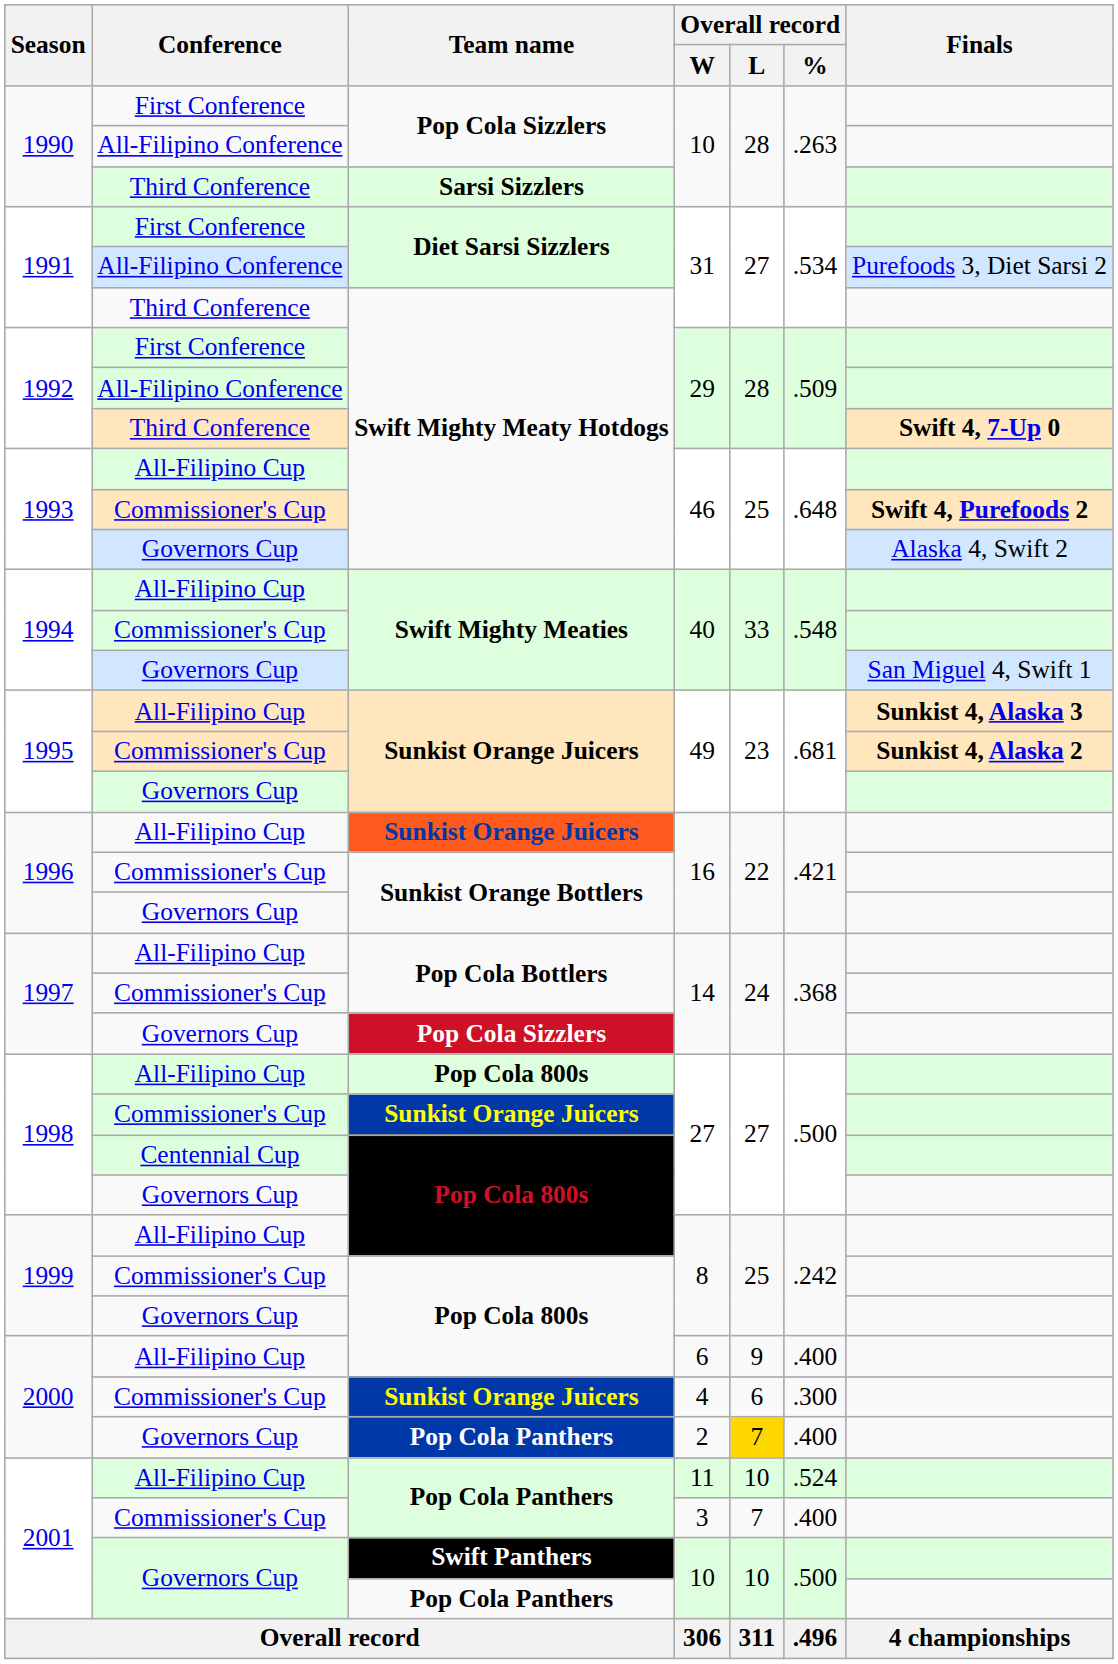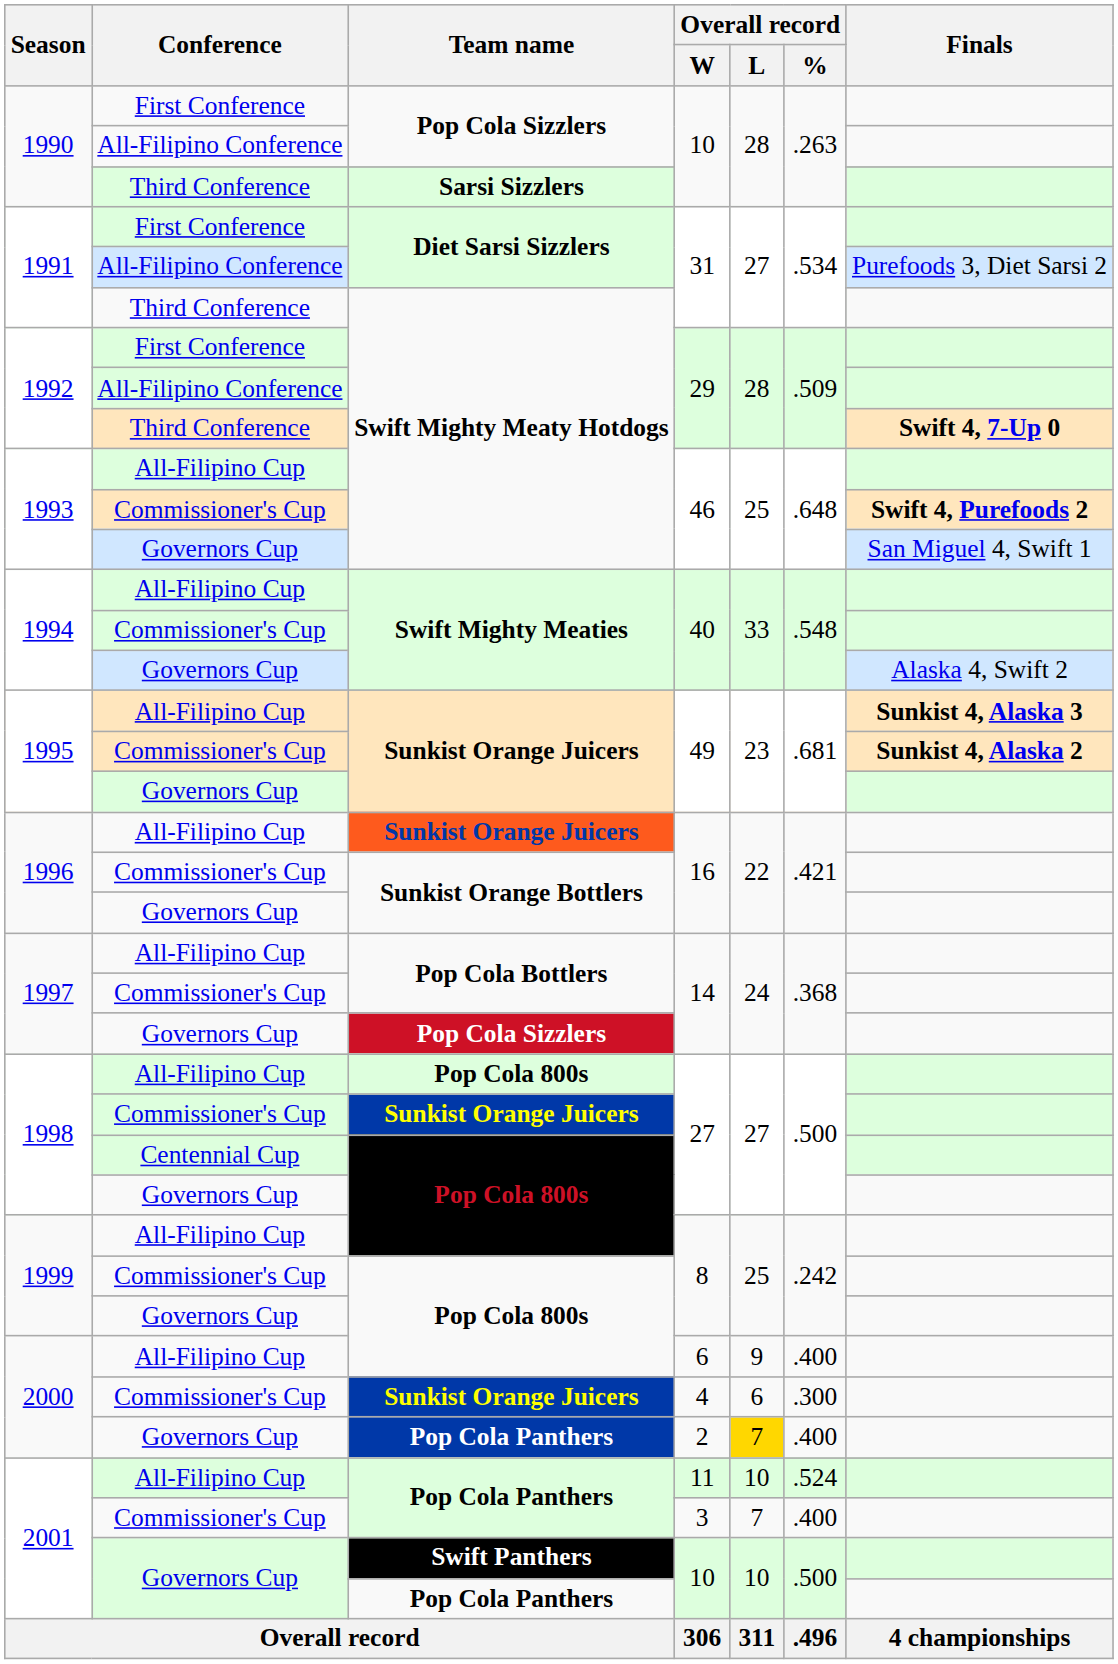 <table class=wikitable style="text-align:center;">
 <tr>
 <th rowspan=2>Season</th>
 <th rowspan=2>Conference</th>
 <th rowspan=2>Team name</th>
 <th colspan=3>Overall record</th>
 <th rowspan=2>Finals</th>
 </tr>
 <tr>
 <th>W</th>
 <th>L</th>
 <th>%</th>
 </tr>
 <tr>
 <td rowspan=3><a href='#'>1990</a></td>
 <td><a href='#'>First Conference</a></td>
 <td rowspan=2><strong>Pop Cola Sizzlers</strong></td>
 <td rowspan="3">10</td>
 <td rowspan=3>28</td>
 <td rowspan=3>.263</td>
 <td></td>
 </tr>
 <tr>
 <td><a href='#'>All-Filipino Conference</a></td>
 <td></td>
 </tr>
 <tr bgcolor=#DDFFDD>
 <td><a href='#'>Third Conference</a></td>
 <td><strong>Sarsi Sizzlers</strong></td>
 <td></td>
 </tr>
 <tr bgcolor=#DDFFDD>
 <td bgcolor=white rowspan=3><a href='#'>1991</a></td>
 <td><a href='#'>First Conference</a></td>
 <td rowspan=2><strong>Diet Sarsi Sizzlers</strong></td>
 <td rowspan="3" bgcolor="white">31</td>
 <td bgcolor=white rowspan=3>27</td>
 <td bgcolor=white rowspan=3>.534</td>
 <td></td>
 </tr>
 <tr bgcolor=#D0E7FF>
 <td><a href='#'>All-Filipino Conference</a></td>
 <td><a href='#'>Purefoods</a> 3, Diet Sarsi 2</td>
 </tr>
 <tr>
 <td><a href='#'>Third Conference</a></td>
 <td rowspan=7><strong>Swift Mighty Meaty Hotdogs</strong></td>
 </tr>
 <tr bgcolor=#DDFFDD>
 <td bgcolor=white rowspan=3><a href='#'>1992</a></td>
 <td><a href='#'>First Conference</a></td>
 <td rowspan=3>29</td>
 <td rowspan=3>28</td>
 <td rowspan=3>.509</td>
 <td></td>
 </tr>
 <tr bgcolor=#DDFFDD>
 <td><a href='#'>All-Filipino Conference</a></td>
 <td></td>
 </tr>
 <tr bgcolor=#FFE6BD>
 <td><a href='#'>Third Conference</a></td>
 <td><strong>Swift 4, <a href='#'>7-Up</a> 0</strong></td>
 </tr>
 <tr bgcolor=#DDFFDD>
 <td bgcolor=white rowspan=3><a href='#'>1993</a></td>
 <td><a href='#'>All-Filipino Cup</a></td>
 <td bgcolor=white rowspan=3>46</td>
 <td bgcolor=white rowspan=3>25</td>
 <td bgcolor=white rowspan=3>.648</td>
 <td></td>
 </tr>
 <tr bgcolor=#FFE6BD>
 <td><a href='#'>Commissioner's Cup</a></td>
 <td><strong>Swift 4, <a href='#'>Purefoods</a> 2</strong></td>
 </tr>
 <tr bgcolor=#D0E7FF>
 <td><a href='#'>Governors Cup</a></td>
-<td><a href='#'>Alaska</a> 4, Swift 2</td>
+<td><a href='#'>San Miguel</a> 4, Swift 1</td>
 </tr>
 <tr bgcolor=#DDFFDD>
 <td bgcolor=white rowspan=3><a href='#'>1994</a></td>
 <td><a href='#'>All-Filipino Cup</a></td>
 <td rowspan=3><strong>Swift Mighty Meaties</strong></td>
 <td rowspan=3>40</td>
 <td rowspan=3>33</td>
 <td rowspan=3>.548</td>
 <td></td>
 </tr>
 <tr bgcolor=#DDFFDD>
 <td><a href='#'>Commissioner's Cup</a></td>
 <td></td>
 </tr>
 <tr bgcolor=#D0E7FF>
 <td><a href='#'>Governors Cup</a></td>
-<td><a href='#'>San Miguel</a> 4, Swift 1</td>
+<td><a href='#'>Alaska</a> 4, Swift 2</td>
 </tr>
 <tr bgcolor=#FFE6BD>
 <td bgcolor=white rowspan=3><a href='#'>1995</a></td>
 <td><a href='#'>All-Filipino Cup</a></td>
 <td rowspan=3><strong>Sunkist Orange Juicers</strong></td>
 <td bgcolor=white rowspan=3>49</td>
 <td bgcolor=white rowspan=3>23</td>
 <td bgcolor=white rowspan=3>.681</td>
 <td><strong>Sunkist 4, <a href='#'>Alaska</a> 3</strong></td>
 </tr>
 <tr bgcolor=#FFE6BD>
 <td><a href='#'>Commissioner's Cup</a></td>
 <td><strong>Sunkist 4, <a href='#'>Alaska</a> 2</strong></td>
 </tr>
 <tr bgcolor=#DDFFDD>
 <td><a href='#'>Governors Cup</a></td>
 <td></td>
 </tr>
 <tr>
 <td rowspan=3><a href='#'>1996</a></td>
 <td><a href='#'>All-Filipino Cup</a></td>
 <td style="background:#FE5A1D; color:#0038A8; "><span><strong>Sunkist Orange Juicers</strong></span></td>
 <td rowspan=3>16</td>
 <td rowspan=3>22</td>
 <td rowspan=3>.421</td>
 <td></td>
 </tr>
 <tr>
 <td><a href='#'>Commissioner's Cup</a></td>
 <td rowspan=2><strong>Sunkist Orange Bottlers</strong></td>
 </tr>
 <tr>
 <td><a href='#'>Governors Cup</a></td>
 <td></td>
 </tr>
 <tr>
 <td rowspan=3><a href='#'>1997</a></td>
 <td><a href='#'>All-Filipino Cup</a></td>
 <td rowspan=2><strong>Pop Cola Bottlers</strong></td>
 <td rowspan=3>14</td>
 <td rowspan=3>24</td>
 <td rowspan=3>.368</td>
 <td></td>
 </tr>
 <tr>
 <td><a href='#'>Commissioner's Cup</a></td>
 <td></td>
 </tr>
 <tr>
 <td><a href='#'>Governors Cup</a></td>
 <td style="background:#CE1126; color:#FFFFFF; "><span><strong>Pop Cola Sizzlers</strong></span></td>
 </tr>
 <tr bgcolor=#DDFFDD>
 <td bgcolor=white rowspan=4><a href='#'>1998</a></td>
 <td><a href='#'>All-Filipino Cup</a></td>
 <td><strong>Pop Cola 800s</strong></td>
 <td bgcolor=white rowspan=4>27</td>
 <td bgcolor=white rowspan=4>27</td>
 <td bgcolor=white rowspan=4>.500</td>
 <td></td>
 </tr>
 <tr bgcolor=#DDFFDD>
 <td><a href='#'>Commissioner's Cup</a></td>
 <td style="background:#0038A8; color:#FFFF00; "><span><strong>Sunkist Orange Juicers</strong></span></td>
 <td></td>
 </tr>
 <tr bgcolor=#DDFFDD>
 <td><a href='#'>Centennial Cup</a></td>
 <td rowspan=3 style="background:#000000; color:#CE1126; "><span><strong>Pop Cola 800s</strong></span></td>
 <td></td>
 </tr>
 <tr>
 <td><a href='#'>Governors Cup</a></td>
 <td></td>
 </tr>
 <tr>
 <td rowspan=3><a href='#'>1999</a></td>
 <td><a href='#'>All-Filipino Cup</a></td>
 <td rowspan=3>8</td>
 <td rowspan=3>25</td>
 <td rowspan=3>.242</td>
 <td></td>
 </tr>
 <tr>
 <td><a href='#'>Commissioner's Cup</a></td>
 <td rowspan=3><strong>Pop Cola 800s</strong></td>
 </tr>
 <tr>
 <td><a href='#'>Governors Cup</a></td>
 <td></td>
 </tr>
 <tr>
 <td rowspan=3><a href='#'>2000</a></td>
 <td><a href='#'>All-Filipino Cup</a></td>
 <td>6</td>
 <td>9</td>
 <td>.400</td>
 <td></td>
 </tr>
 <tr>
 <td><a href='#'>Commissioner's Cup</a></td>
 <td style="background:#0038A8; color:#FFFF00; "><span><strong>Sunkist Orange Juicers</strong></span></td>
 <td>4</td>
 <td>6</td>
 <td>.300</td>
 <td></td>
 </tr>
 <tr>
 <td><a href='#'>Governors Cup</a></td>
 <td style="background:#0038A8; color:#FFFFFF; "><span><strong>Pop Cola Panthers</strong></span></td>
 <td>2</td>
 <td style="background: gold;">7</td>
 <td>.400</td>
 <td></td>
 </tr>
 <tr bgcolor=#DDFFDD>
 <td bgcolor=white rowspan=4><a href='#'>2001</a></td>
 <td><a href='#'>All-Filipino Cup</a></td>
 <td rowspan=2><strong>Pop Cola Panthers</strong></td>
 <td>11</td>
 <td>10</td>
 <td>.524</td>
 <td></td>
 </tr>
 <tr>
 <td><a href='#'>Commissioner's Cup</a></td>
 <td>3</td>
 <td>7</td>
 <td>.400</td>
 <td></td>
 </tr>
 <tr bgcolor=#DDFFDD>
 <td rowspan=2><a href='#'>Governors Cup</a></td>
 <td style="background:#000000; color:#FFFFFF; "><span><strong>Swift Panthers</strong></span></td>
 <td rowspan=2>10</td>
 <td rowspan=2>10</td>
 <td rowspan=2>.500</td>
 <td></td>
 </tr>
 <tr>
 <td><strong>Pop Cola Panthers</strong></td>
 <td></td>
 </tr>
 <tr>
 <th colspan=3>Overall record</th>
 <th>306</th>
 <th>311</th>
 <th>.496</th>
 <th>4 championships</th>
 </tr>
 </table>
